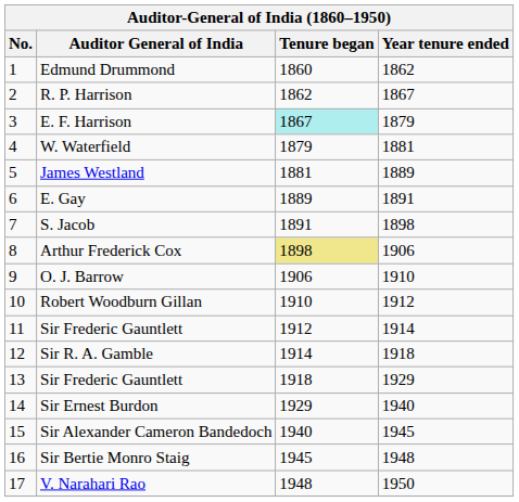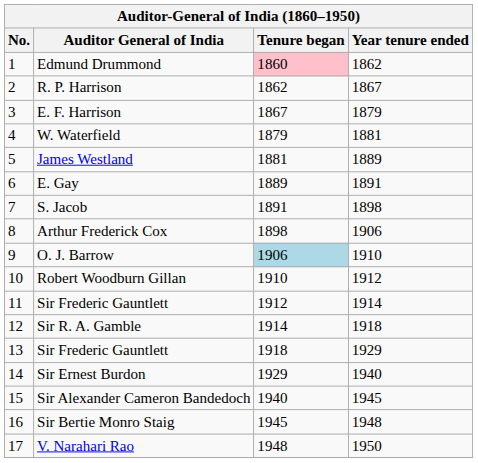 <table class="wikitable">
 <tr>
 <th colspan="4">Auditor-General of India (1860–1950)</th>
 </tr>
 <tr>
 <th>No.</th>
 <th>Auditor General of India</th>
 <th>Tenure began</th>
 <th>Year tenure ended</th>
 </tr>
 <tr>
 <td>1</td>
 <td>Edmund Drummond</td>
-<td>1860</td>
+<td style="background: pink;">1860</td>
 <td>1862</td>
 </tr>
 <tr>
 <td>2</td>
 <td>R. P. Harrison</td>
 <td>1862</td>
 <td>1867</td>
 </tr>
 <tr>
 <td>3</td>
 <td>E. F. Harrison</td>
-<td style="background: paleturquoise;">1867</td>
+<td>1867</td>
 <td>1879</td>
 </tr>
 <tr>
 <td>4</td>
 <td>W. Waterfield</td>
 <td>1879</td>
 <td>1881</td>
 </tr>
 <tr>
 <td>5</td>
 <td><a href='#'>James Westland</a></td>
 <td>1881</td>
 <td>1889</td>
 </tr>
 <tr>
 <td>6</td>
 <td>E. Gay</td>
 <td>1889</td>
 <td>1891</td>
 </tr>
 <tr>
 <td>7</td>
 <td>S. Jacob</td>
 <td>1891</td>
 <td>1898</td>
 </tr>
 <tr>
 <td>8</td>
 <td>Arthur Frederick Cox</td>
-<td style="background: khaki;">1898</td>
+<td>1898</td>
 <td>1906</td>
 </tr>
 <tr>
 <td>9</td>
 <td>O. J. Barrow</td>
-<td>1906</td>
+<td style="background: lightblue;">1906</td>
 <td>1910</td>
 </tr>
 <tr>
 <td>10</td>
 <td>Robert Woodburn Gillan</td>
 <td>1910</td>
 <td>1912</td>
 </tr>
 <tr>
 <td>11</td>
 <td>Sir Frederic Gauntlett</td>
 <td>1912</td>
 <td>1914</td>
 </tr>
 <tr>
 <td>12</td>
 <td>Sir R. A. Gamble</td>
 <td>1914</td>
 <td>1918</td>
 </tr>
 <tr>
 <td>13</td>
 <td>Sir Frederic Gauntlett</td>
 <td>1918</td>
 <td>1929</td>
 </tr>
 <tr>
 <td>14</td>
 <td>Sir Ernest Burdon</td>
 <td>1929</td>
 <td>1940</td>
 </tr>
 <tr>
 <td>15</td>
 <td>Sir Alexander Cameron Bandedoch</td>
 <td>1940</td>
 <td>1945</td>
 </tr>
 <tr>
 <td>16</td>
 <td>Sir Bertie Monro Staig</td>
 <td>1945</td>
 <td>1948</td>
 </tr>
 <tr>
 <td>17</td>
 <td><a href='#'>V. Narahari Rao</a></td>
 <td>1948</td>
 <td>1950</td>
 </tr>
 <tr>
 </tr>
 </table>
